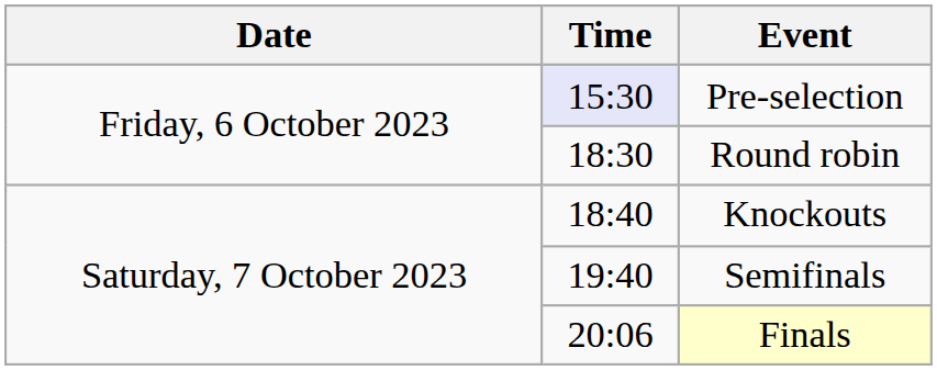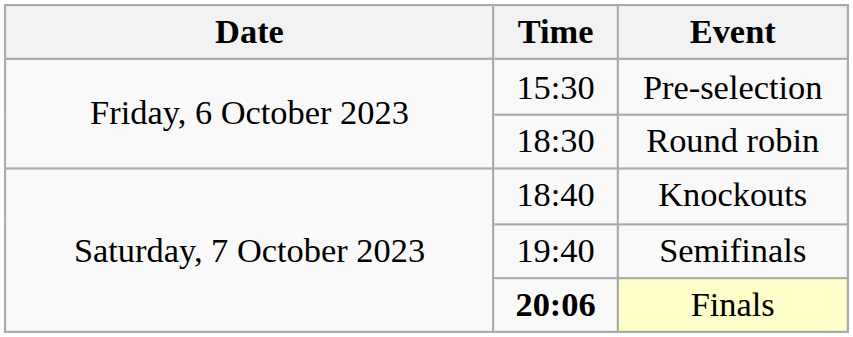 <table class = "wikitable" style="text-align:center;">
 <tr>
 <th width=220>Date</th>
 <th width=50>Time</th>
 <th width=100>Event</th>
 </tr>
 <tr>
 <td rowspan=2>Friday, 6 October 2023</td>
-<td style="background: lavender;">15:30</td>
+<td>15:30</td>
 <td>Pre-selection</td>
 </tr>
 <tr>
 <td>18:30</td>
 <td>Round robin</td>
 </tr>
 <tr>
 <td rowspan=3>Saturday, 7 October 2023</td>
 <td>18:40</td>
 <td>Knockouts</td>
 </tr>
 <tr>
 <td>19:40</td>
 <td>Semifinals</td>
 </tr>
 <tr>
-<td>20:06</td>
+<td><strong>20:06</strong></td>
 <td bgcolor=ffffcc>Finals</td>
 </tr>
 </table>
